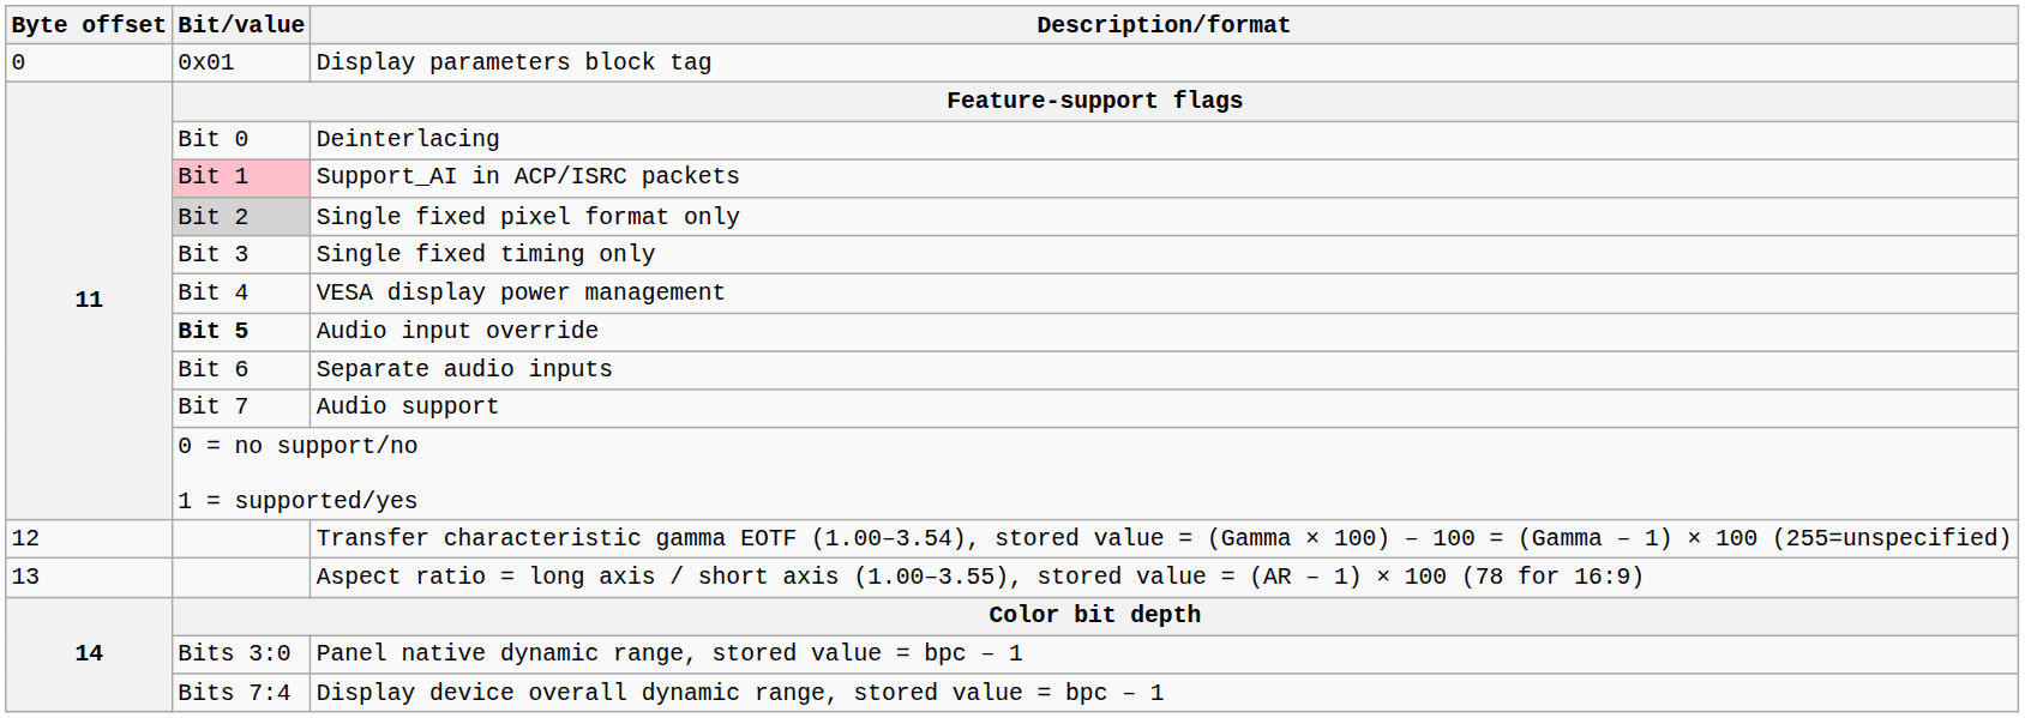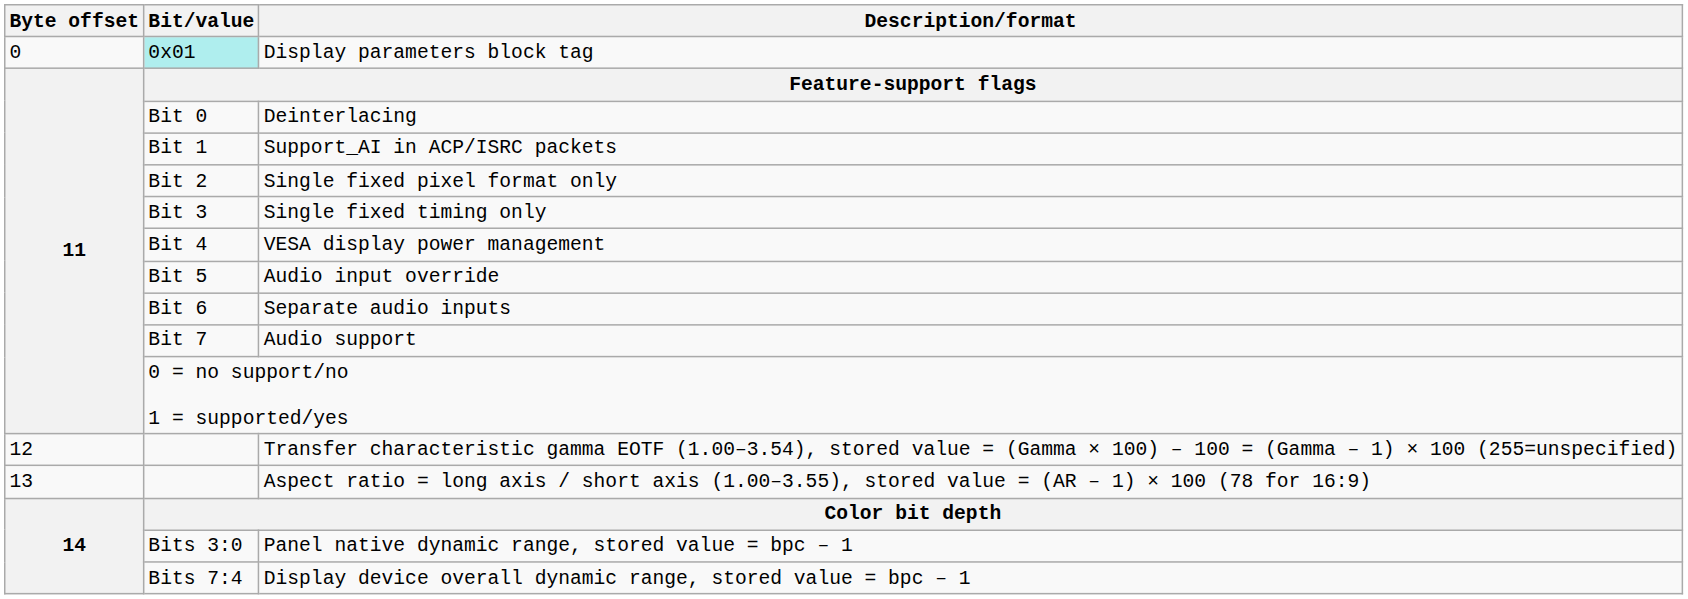 <table class=wikitable>
 <tr>
 <th>Byte offset</th>
 <th>Bit/value</th>
 <th>Description/format</th>
 </tr>
 <tr>
 <td>0</td>
-<td><code>0x01</code></td>
+<td style="background: paleturquoise;"><code>0x01</code></td>
 <td>Display parameters block tag</td>
 </tr>
 <tr>
 <th rowspan=10>11</th>
 <th colspan=2>Feature-support flags</th>
 </tr>
 <tr>
 <td>Bit 0</td>
 <td>Deinterlacing</td>
 </tr>
 <tr>
-<td style="background: pink;">Bit 1</td>
+<td>Bit 1</td>
 <td>Support_AI in ACP/ISRC packets</td>
 </tr>
 <tr>
-<td style="background: lightgrey;">Bit 2</td>
+<td>Bit 2</td>
 <td>Single fixed pixel format only</td>
 </tr>
 <tr>
 <td>Bit 3</td>
 <td>Single fixed timing only</td>
 </tr>
 <tr>
 <td>Bit 4</td>
 <td>VESA display power management</td>
 </tr>
 <tr>
-<td><strong>Bit 5</strong></td>
+<td>Bit 5</td>
 <td>Audio input override</td>
 </tr>
 <tr>
 <td>Bit 6</td>
 <td>Separate audio inputs</td>
 </tr>
 <tr>
 <td>Bit 7</td>
 <td>Audio support</td>
 </tr>
 <tr>
 <td colspan=2><code>0</code> = no support/no<br><br><code>1</code> = supported/yes</td>
 </tr>
 <tr>
 <td>12</td>
 <td></td>
 <td>Transfer characteristic gamma EOTF (1.00–3.54), stored value = (Gamma × 100) – 100 = (Gamma – 1) × 100 (<code>255</code>=unspecified)</td>
 </tr>
 <tr>
 <td>13</td>
 <td></td>
 <td>Aspect ratio = long axis / short axis (1.00–3.55), stored value = (AR – 1) × 100 (78 for 16:9)</td>
 </tr>
 <tr>
 <th rowspan=3>14</th>
 <th colspan=2>Color bit depth</th>
 </tr>
 <tr>
 <td>Bits 3:0</td>
 <td>Panel native dynamic range, stored value = bpc – 1</td>
 </tr>
 <tr>
 <td>Bits 7:4</td>
 <td>Display device overall dynamic range, stored value = bpc – 1</td>
 </tr>
 </table>
